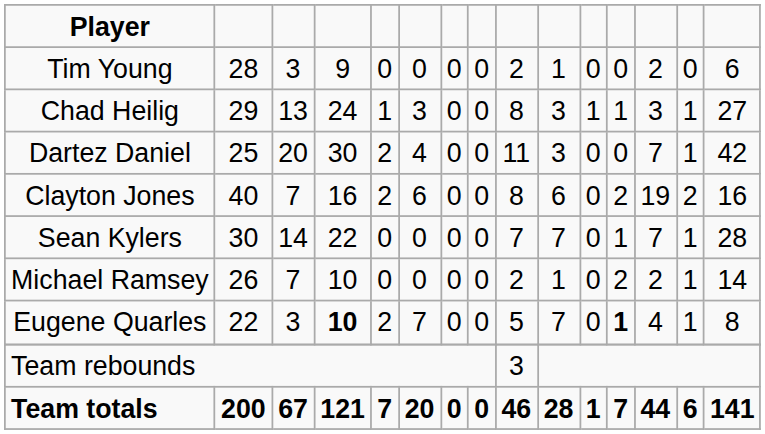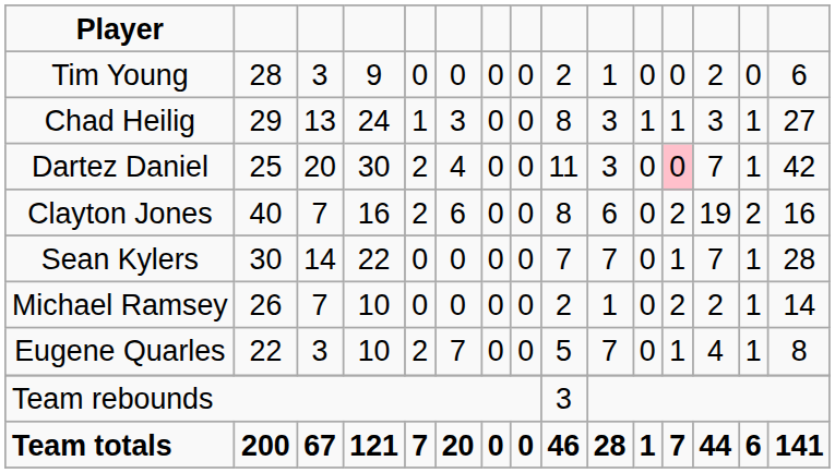 <table class="wikitable sortable" style="text-align: center; font-size:95%">
 <tr>
 <td><strong>Player</strong></td>
 <td><strong></strong></td>
 <td><strong></strong></td>
 <td><strong></strong></td>
 <td><strong></strong></td>
 <td><strong></strong></td>
 <td><strong></strong></td>
 <td><strong></strong></td>
 <td><strong></strong></td>
 <td><strong></strong></td>
 <td><strong></strong></td>
 <td><strong></strong></td>
 <td><strong></strong></td>
 <td><strong></strong></td>
 <td><strong></strong></td>
 </tr>
 <tr>
 <td>Tim Young</td>
 <td>28</td>
 <td>3</td>
 <td>9</td>
 <td>0</td>
 <td>0</td>
 <td>0</td>
 <td>0</td>
 <td>2</td>
 <td>1</td>
 <td>0</td>
 <td>0</td>
 <td>2</td>
 <td>0</td>
 <td>6</td>
 </tr>
 <tr>
 <td>Chad Heilig</td>
 <td>29</td>
 <td>13</td>
 <td>24</td>
 <td>1</td>
 <td>3</td>
 <td>0</td>
 <td>0</td>
 <td>8</td>
 <td>3</td>
 <td>1</td>
 <td>1</td>
 <td>3</td>
 <td>1</td>
 <td>27</td>
 </tr>
 <tr>
 <td>Dartez Daniel</td>
 <td>25</td>
 <td>20</td>
 <td>30</td>
 <td>2</td>
 <td>4</td>
 <td>0</td>
 <td>0</td>
 <td>11</td>
 <td>3</td>
 <td>0</td>
-<td>0</td>
+<td style="background: pink;">0</td>
 <td>7</td>
 <td>1</td>
 <td>42</td>
 </tr>
 <tr>
 <td>Clayton Jones</td>
 <td>40</td>
 <td>7</td>
 <td>16</td>
 <td>2</td>
 <td>6</td>
 <td>0</td>
 <td>0</td>
 <td>8</td>
 <td>6</td>
 <td>0</td>
 <td>2</td>
 <td>19</td>
 <td>2</td>
 <td>16</td>
 </tr>
 <tr>
 <td>Sean Kylers</td>
 <td>30</td>
 <td>14</td>
 <td>22</td>
 <td>0</td>
 <td>0</td>
 <td>0</td>
 <td>0</td>
 <td>7</td>
 <td>7</td>
 <td>0</td>
 <td>1</td>
 <td>7</td>
 <td>1</td>
 <td>28</td>
 </tr>
 <tr>
 <td>Michael Ramsey</td>
 <td>26</td>
 <td>7</td>
 <td>10</td>
 <td>0</td>
 <td>0</td>
 <td>0</td>
 <td>0</td>
 <td>2</td>
 <td>1</td>
 <td>0</td>
 <td>2</td>
 <td>2</td>
 <td>1</td>
 <td>14</td>
 </tr>
 <tr>
 <td>Eugene Quarles</td>
 <td>22</td>
 <td>3</td>
-<td><strong>10</strong></td>
+<td>10</td>
 <td>2</td>
 <td>7</td>
 <td>0</td>
 <td>0</td>
 <td>5</td>
 <td>7</td>
 <td>0</td>
-<td><strong>1</strong></td>
+<td>1</td>
 <td>4</td>
 <td>1</td>
 <td>8</td>
 </tr>
 <tr>
 </tr>
 <tr class="sortbottom">
 <td style="text-align:left;" colspan="8">Team rebounds</td>
 <td>3</td>
 <td colspan=6></td>
 </tr>
 <tr class="sortbottom">
 <td style="text-align:left;" colspan="1"><strong>Team totals</strong></td>
 <td><strong>200</strong></td>
 <td><strong>67</strong></td>
 <td><strong>121</strong></td>
 <td><strong>7</strong></td>
 <td><strong>20</strong></td>
 <td><strong>0</strong></td>
 <td><strong>0</strong></td>
 <td><strong>46</strong></td>
 <td><strong>28</strong></td>
 <td><strong>1</strong></td>
 <td><strong>7</strong></td>
 <td><strong>44</strong></td>
 <td><strong>6</strong></td>
 <td><strong>141</strong></td>
 </tr>
 </table>
